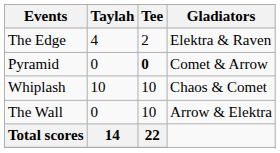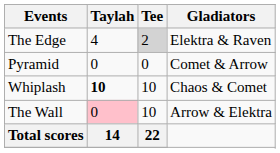 <table class="wikitable">
 <tr>
 <th>Events</th>
 <th>Taylah</th>
 <th>Tee</th>
 <th>Gladiators</th>
 </tr>
 <tr>
 <td>The Edge</td>
 <td>4</td>
-<td>2</td>
+<td style="background: lightgrey;">2</td>
 <td>Elektra & Raven</td>
 </tr>
 <tr>
 <td>Pyramid</td>
 <td>0</td>
-<td><strong>0</strong></td>
+<td>0</td>
 <td>Comet & Arrow</td>
 </tr>
 <tr>
 <td>Whiplash</td>
-<td>10</td>
+<td><strong>10</strong></td>
 <td>10</td>
 <td>Chaos & Comet</td>
 </tr>
 <tr>
 <td>The Wall</td>
-<td>0</td>
+<td style="background: pink;">0</td>
 <td>10</td>
 <td>Arrow & Elektra</td>
 </tr>
 <tr>
 <th>Total scores</th>
 <th>14</th>
 <th>22</th>
 </tr>
 <tr>
 </tr>
 </table>
